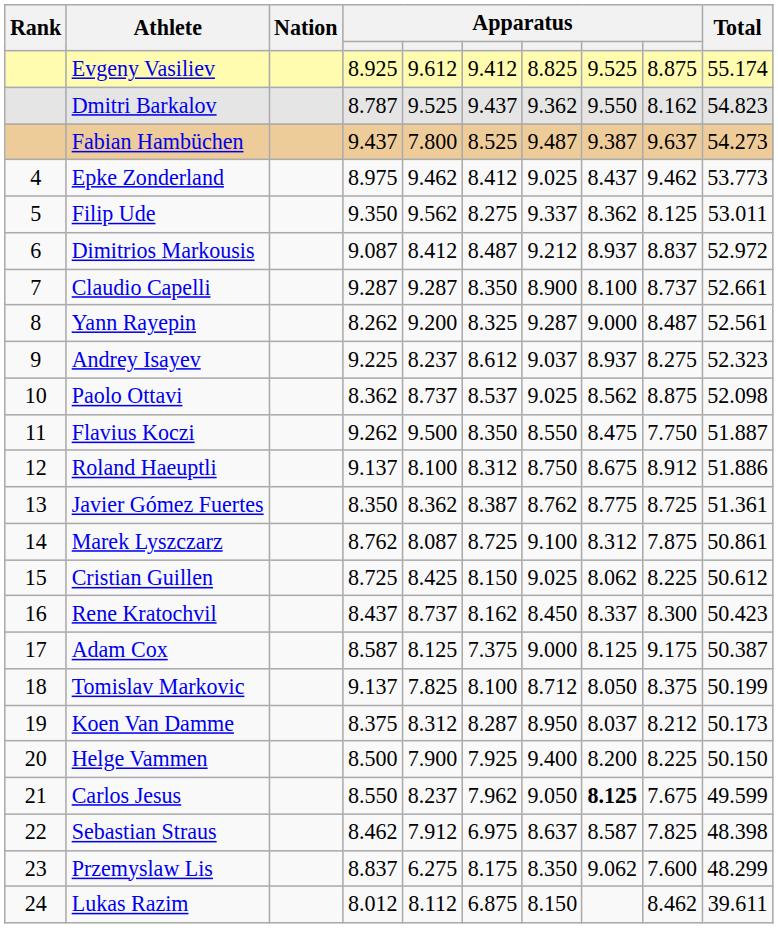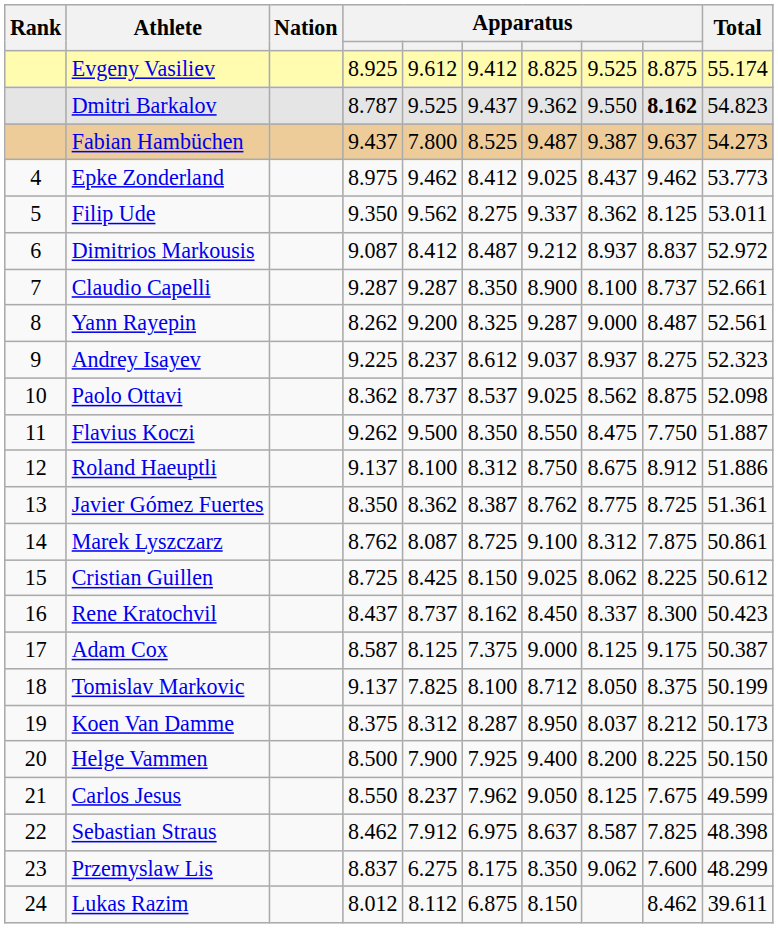 <table class="wikitable" style="font-size:90%">
 <tr>
 <th rowspan=2>Rank</th>
 <th rowspan=2>Athlete</th>
 <th rowspan=2>Nation</th>
 <th colspan =6>Apparatus</th>
 <th rowspan=2>Total</th>
 </tr>
 <tr style="font-size:95%">
 <th></th>
 <th></th>
 <th></th>
 <th></th>
 <th></th>
 <th></th>
 </tr>
 <tr align=center bgcolor=fffcaf>
 <td></td>
 <td align=left><a href='#'>Evgeny Vasiliev</a></td>
 <td align=left>     </td>
 <td>8.925</td>
 <td>9.612</td>
 <td>9.412</td>
 <td>8.825</td>
 <td>9.525</td>
 <td>8.875</td>
 <td>55.174</td>
 </tr>
 <tr align=center bgcolor=e5e5e5>
 <td></td>
 <td align=left><a href='#'>Dmitri Barkalov</a></td>
 <td align=left></td>
 <td>8.787</td>
 <td>9.525</td>
 <td>9.437</td>
 <td>9.362</td>
 <td>9.550</td>
-<td>8.162</td>
+<td><strong>8.162</strong></td>
 <td>54.823</td>
 </tr>
 <tr align=center bgcolor=eecc99>
 <td></td>
 <td align=left><a href='#'>Fabian Hambüchen</a></td>
 <td align=left></td>
 <td>9.437</td>
 <td>7.800</td>
 <td>8.525</td>
 <td>9.487</td>
 <td>9.387</td>
 <td>9.637</td>
 <td>54.273</td>
 </tr>
 <tr align=center>
 <td>4</td>
 <td align=left><a href='#'>Epke Zonderland</a></td>
 <td align=left></td>
 <td>8.975</td>
 <td>9.462</td>
 <td>8.412</td>
 <td>9.025</td>
 <td>8.437</td>
 <td>9.462</td>
 <td>53.773</td>
 </tr>
 <tr align=center>
 <td>5</td>
 <td align=left><a href='#'>Filip Ude</a></td>
 <td align=left></td>
 <td>9.350</td>
 <td>9.562</td>
 <td>8.275</td>
 <td>9.337</td>
 <td>8.362</td>
 <td>8.125</td>
 <td>53.011</td>
 </tr>
 <tr align=center>
 <td>6</td>
 <td align=left><a href='#'>Dimitrios Markousis</a></td>
 <td align=left></td>
 <td>9.087</td>
 <td>8.412</td>
 <td>8.487</td>
 <td>9.212</td>
 <td>8.937</td>
 <td>8.837</td>
 <td>52.972</td>
 </tr>
 <tr align=center>
 <td>7</td>
 <td align=left><a href='#'>Claudio Capelli</a></td>
 <td align=left></td>
 <td>9.287</td>
 <td>9.287</td>
 <td>8.350</td>
 <td>8.900</td>
 <td>8.100</td>
 <td>8.737</td>
 <td>52.661</td>
 </tr>
 <tr align=center>
 <td>8</td>
 <td align=left><a href='#'>Yann Rayepin</a></td>
 <td align=left></td>
 <td>8.262</td>
 <td>9.200</td>
 <td>8.325</td>
 <td>9.287</td>
 <td>9.000</td>
 <td>8.487</td>
 <td>52.561</td>
 </tr>
 <tr align=center>
 <td>9</td>
 <td align=left><a href='#'>Andrey Isayev</a></td>
 <td align=left></td>
 <td>9.225</td>
 <td>8.237</td>
 <td>8.612</td>
 <td>9.037</td>
 <td>8.937</td>
 <td>8.275</td>
 <td>52.323</td>
 </tr>
 <tr align=center>
 <td>10</td>
 <td align=left><a href='#'>Paolo Ottavi</a></td>
 <td align=left></td>
 <td>8.362</td>
 <td>8.737</td>
 <td>8.537</td>
 <td>9.025</td>
 <td>8.562</td>
 <td>8.875</td>
 <td>52.098</td>
 </tr>
 <tr align=center>
 <td>11</td>
 <td align=left><a href='#'>Flavius Koczi</a></td>
 <td align=left></td>
 <td>9.262</td>
 <td>9.500</td>
 <td>8.350</td>
 <td>8.550</td>
 <td>8.475</td>
 <td>7.750</td>
 <td>51.887</td>
 </tr>
 <tr align=center>
 <td>12</td>
 <td align=left><a href='#'>Roland Haeuptli</a></td>
 <td align=left></td>
 <td>9.137</td>
 <td>8.100</td>
 <td>8.312</td>
 <td>8.750</td>
 <td>8.675</td>
 <td>8.912</td>
 <td>51.886</td>
 </tr>
 <tr align=center>
 <td>13</td>
 <td align=left><a href='#'>Javier Gómez Fuertes</a></td>
 <td align=left></td>
 <td>8.350</td>
 <td>8.362</td>
 <td>8.387</td>
 <td>8.762</td>
 <td>8.775</td>
 <td>8.725</td>
 <td>51.361</td>
 </tr>
 <tr align=center>
 <td>14</td>
 <td align=left><a href='#'>Marek Lyszczarz</a></td>
 <td align=left></td>
 <td>8.762</td>
 <td>8.087</td>
 <td>8.725</td>
 <td>9.100</td>
 <td>8.312</td>
 <td>7.875</td>
 <td>50.861</td>
 </tr>
 <tr align=center>
 <td>15</td>
 <td align=left><a href='#'>Cristian Guillen</a></td>
 <td align=left></td>
 <td>8.725</td>
 <td>8.425</td>
 <td>8.150</td>
 <td>9.025</td>
 <td>8.062</td>
 <td>8.225</td>
 <td>50.612</td>
 </tr>
 <tr align=center>
 <td>16</td>
 <td align=left><a href='#'>Rene Kratochvil</a></td>
 <td align=left></td>
 <td>8.437</td>
 <td>8.737</td>
 <td>8.162</td>
 <td>8.450</td>
 <td>8.337</td>
 <td>8.300</td>
 <td>50.423</td>
 </tr>
 <tr align=center>
 <td>17</td>
 <td align=left><a href='#'>Adam Cox</a></td>
 <td align=left></td>
 <td>8.587</td>
 <td>8.125</td>
 <td>7.375</td>
 <td>9.000</td>
 <td>8.125</td>
 <td>9.175</td>
 <td>50.387</td>
 </tr>
 <tr align=center>
 <td>18</td>
 <td align=left><a href='#'>Tomislav Markovic</a></td>
 <td align=left></td>
 <td>9.137</td>
 <td>7.825</td>
 <td>8.100</td>
 <td>8.712</td>
 <td>8.050</td>
 <td>8.375</td>
 <td>50.199</td>
 </tr>
 <tr align=center>
 <td>19</td>
 <td align=left><a href='#'>Koen Van Damme</a></td>
 <td align=left></td>
 <td>8.375</td>
 <td>8.312</td>
 <td>8.287</td>
 <td>8.950</td>
 <td>8.037</td>
 <td>8.212</td>
 <td>50.173</td>
 </tr>
 <tr align=center>
 <td>20</td>
 <td align=left><a href='#'>Helge Vammen</a></td>
 <td align=left></td>
 <td>8.500</td>
 <td>7.900</td>
 <td>7.925</td>
 <td>9.400</td>
 <td>8.200</td>
 <td>8.225</td>
 <td>50.150</td>
 </tr>
 <tr align=center>
 <td>21</td>
 <td align=left><a href='#'>Carlos Jesus</a></td>
 <td align=left></td>
 <td>8.550</td>
 <td>8.237</td>
 <td>7.962</td>
 <td>9.050</td>
-<td><strong>8.125</strong></td>
+<td>8.125</td>
 <td>7.675</td>
 <td>49.599</td>
 </tr>
 <tr align=center>
 <td>22</td>
 <td align=left><a href='#'>Sebastian Straus</a></td>
 <td align=left></td>
 <td>8.462</td>
 <td>7.912</td>
 <td>6.975</td>
 <td>8.637</td>
 <td>8.587</td>
 <td>7.825</td>
 <td>48.398</td>
 </tr>
 <tr align=center>
 <td>23</td>
 <td align=left><a href='#'>Przemyslaw Lis</a></td>
 <td align=left></td>
 <td>8.837</td>
 <td>6.275</td>
 <td>8.175</td>
 <td>8.350</td>
 <td>9.062</td>
 <td>7.600</td>
 <td>48.299</td>
 </tr>
 <tr align=center>
 <td>24</td>
 <td align=left><a href='#'>Lukas Razim</a></td>
 <td align=left></td>
 <td>8.012</td>
 <td>8.112</td>
 <td>6.875</td>
 <td>8.150</td>
 <td></td>
 <td>8.462</td>
 <td>39.611</td>
 </tr>
 </table>
